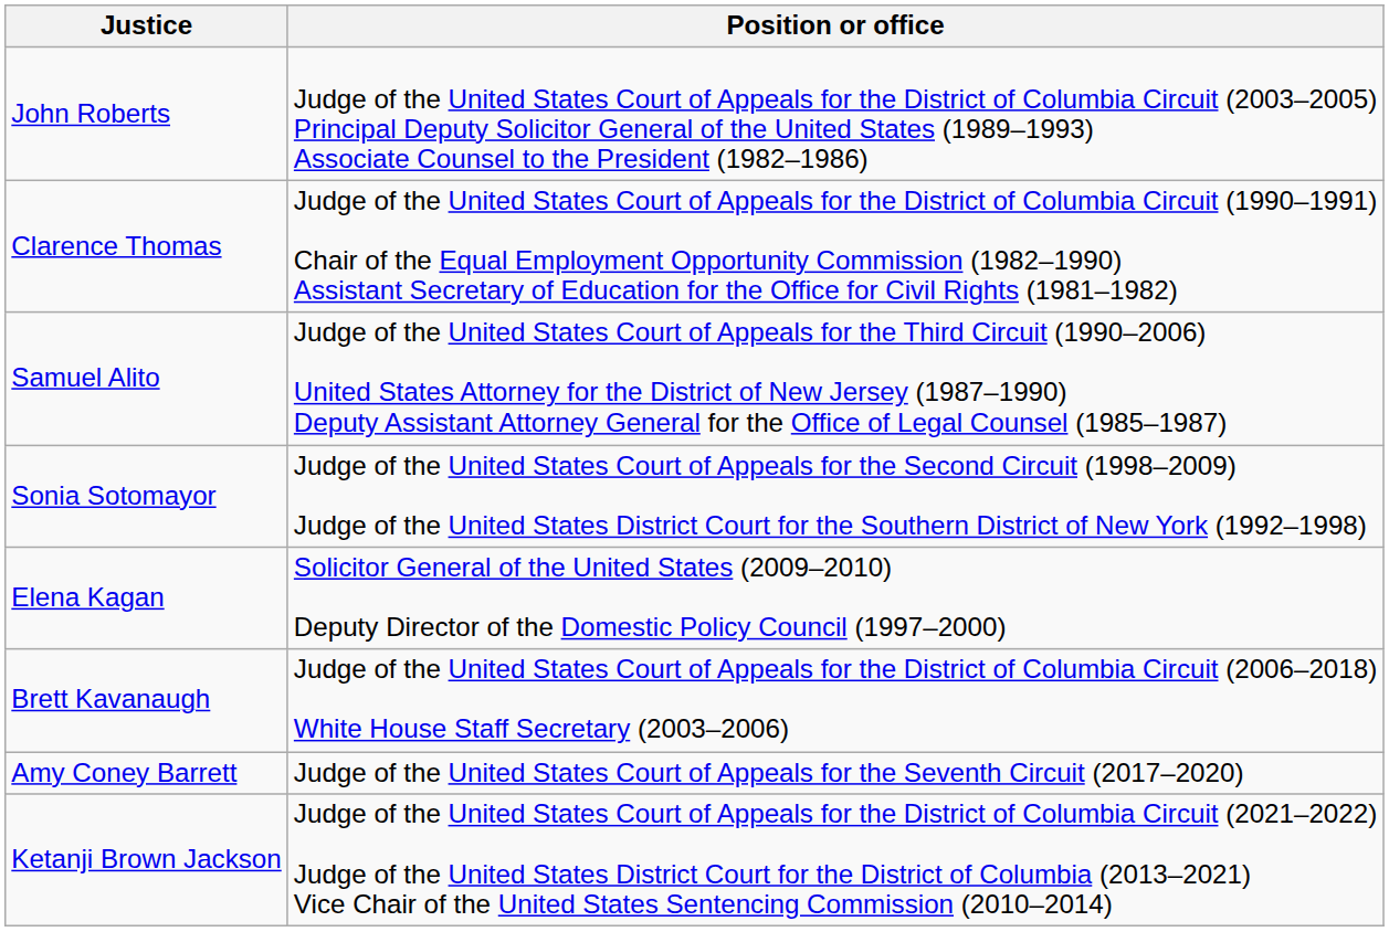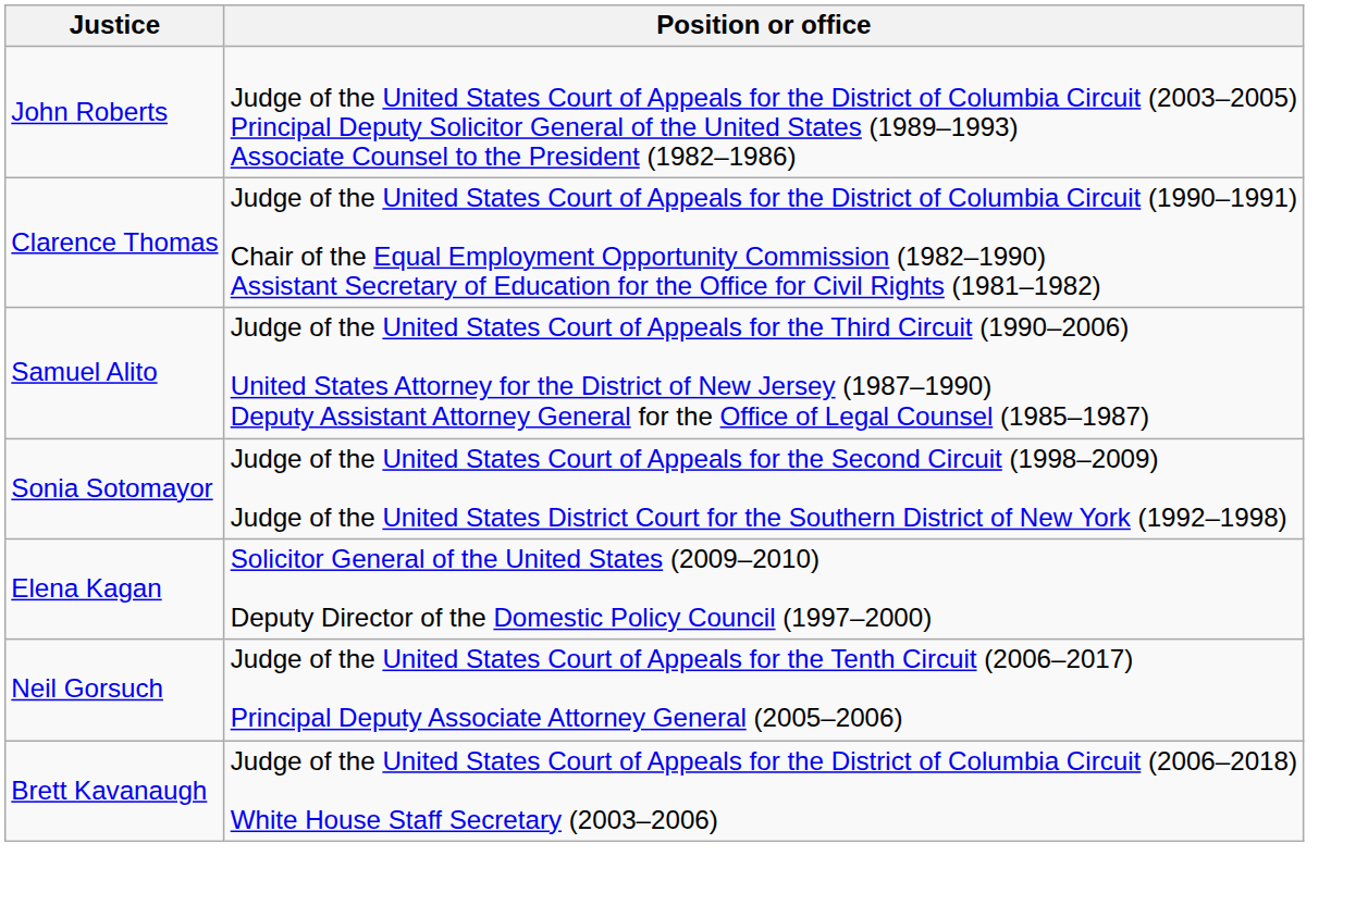 <table class="wikitable">
 <tr>
 <th>Justice</th>
 <th>Position or office</th>
 </tr>
 <tr>
 <td><a href='#'>John Roberts</a></td>
 <td><br>Judge of the <a href='#'>United States Court of Appeals for the District of Columbia Circuit</a> (2003–2005)<br> <a href='#'>Principal Deputy Solicitor General of the United States</a> (1989–1993)<br> <a href='#'>Associate Counsel to the President</a> (1982–1986)</td>
 </tr>
 <tr>
 <td><a href='#'>Clarence Thomas</a></td>
 <td>Judge of the <a href='#'>United States Court of Appeals for the District of Columbia Circuit</a> (1990–1991)<br><br>Chair of the <a href='#'>Equal Employment Opportunity Commission</a> (1982–1990)<br> <a href='#'>Assistant Secretary of Education for the Office for Civil Rights</a> (1981–1982)</td>
 </tr>
 <tr>
 <td><a href='#'>Samuel Alito</a></td>
 <td>Judge of the <a href='#'>United States Court of Appeals for the Third Circuit</a> (1990–2006)<br><br><a href='#'>United States Attorney for the District of New Jersey</a> (1987–1990)<br> <a href='#'>Deputy Assistant Attorney General</a> for the <a href='#'>Office of Legal Counsel</a> (1985–1987)</td>
 </tr>
 <tr>
 <td><a href='#'>Sonia Sotomayor</a></td>
 <td>Judge of the <a href='#'>United States Court of Appeals for the Second Circuit</a> (1998–2009)<br><br>Judge of the <a href='#'>United States District Court for the Southern District of New York</a> (1992–1998)</td>
 </tr>
 <tr>
 <td><a href='#'>Elena Kagan</a></td>
 <td><a href='#'>Solicitor General of the United States</a> (2009–2010)<br><br>Deputy Director of the <a href='#'>Domestic Policy Council</a> (1997–2000)</td>
 </tr>
 <tr>
+<td><a href='#'>Neil Gorsuch</a></td>
+<td>Judge of the <a href='#'>United States Court of Appeals for the Tenth Circuit</a> (2006–2017)<br><br><a href='#'>Principal Deputy Associate Attorney General</a> (2005–2006)</td>
+</tr>
+<tr>
 <td><a href='#'>Brett Kavanaugh</a></td>
 <td>Judge of the <a href='#'>United States Court of Appeals for the District of Columbia Circuit</a> (2006–2018)<br><br><a href='#'>White House Staff Secretary</a> (2003–2006)</td>
 </tr>
-<tr>
-<td><a href='#'>Amy Coney Barrett</a></td>
-<td>Judge of the <a href='#'>United States Court of Appeals for the Seventh Circuit</a> (2017–2020)</td>
-</tr>
-<tr>
-<td><a href='#'>Ketanji Brown Jackson</a></td>
-<td>Judge of the <a href='#'>United States Court of Appeals for the District of Columbia Circuit</a> (2021–2022)<br><br>Judge of the <a href='#'>United States District Court for the District of Columbia</a> (2013–2021)<br> Vice Chair of the <a href='#'>United States Sentencing Commission</a> (2010–2014)</td>
-</tr>
 </table>
